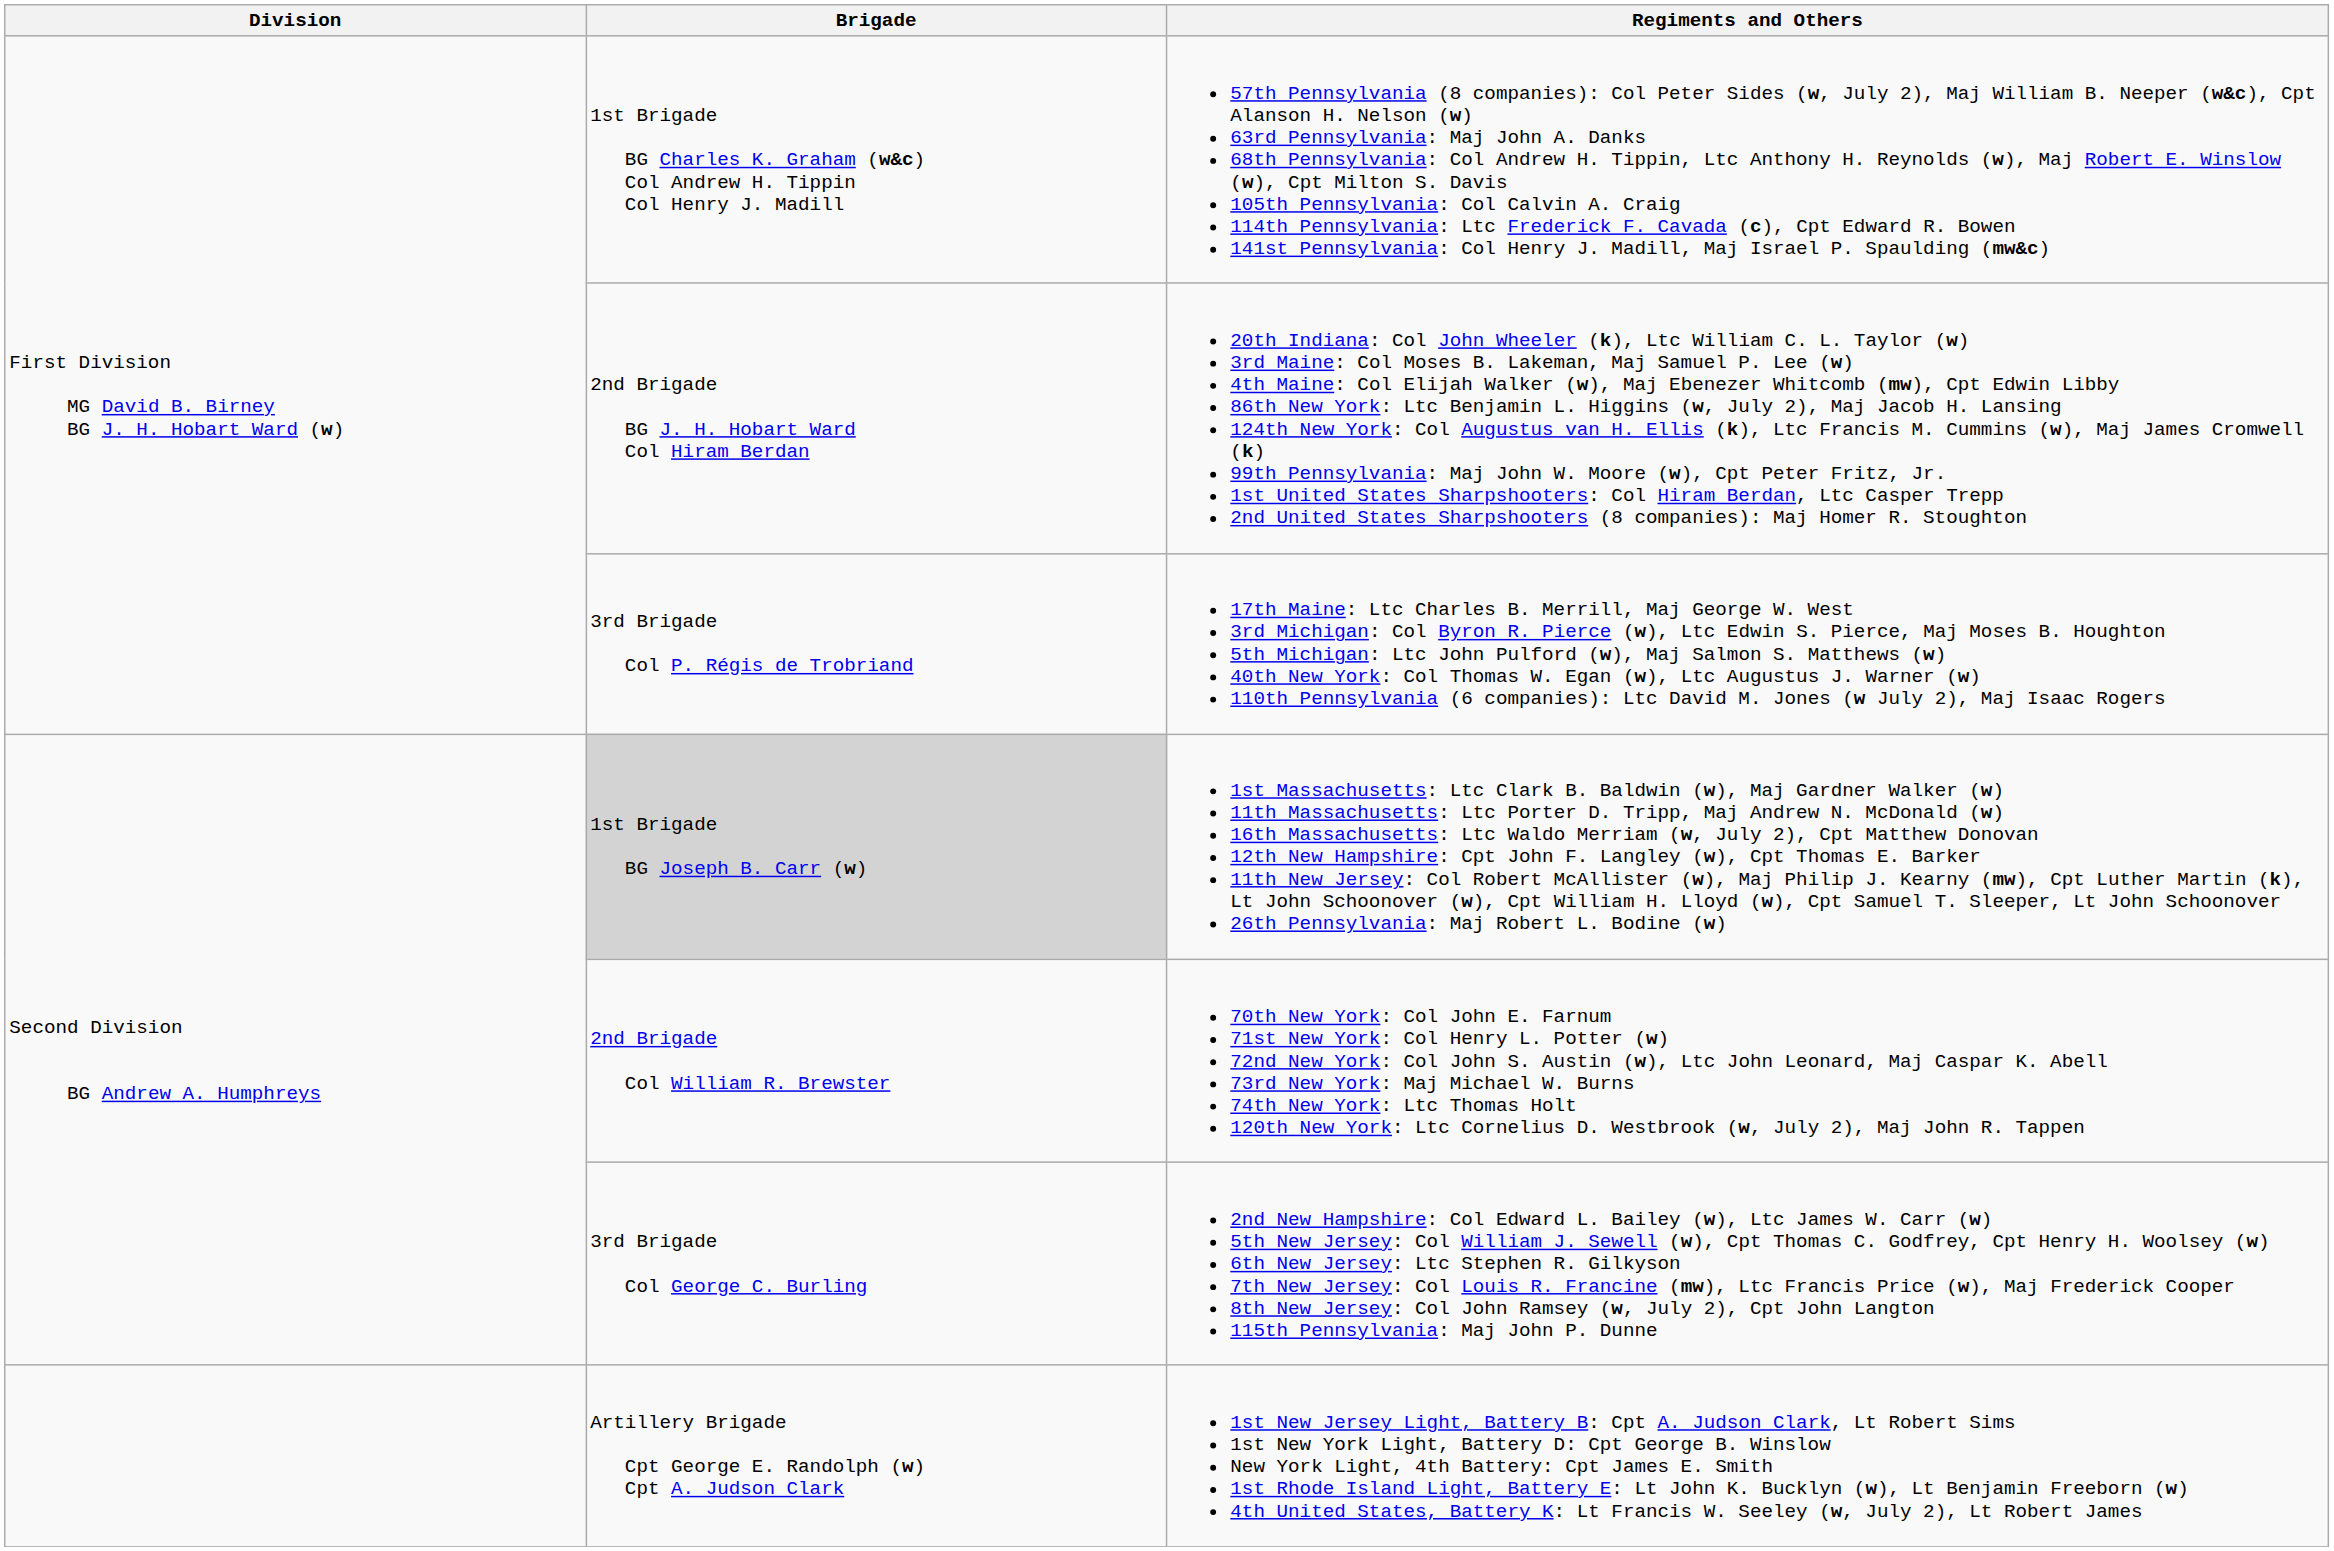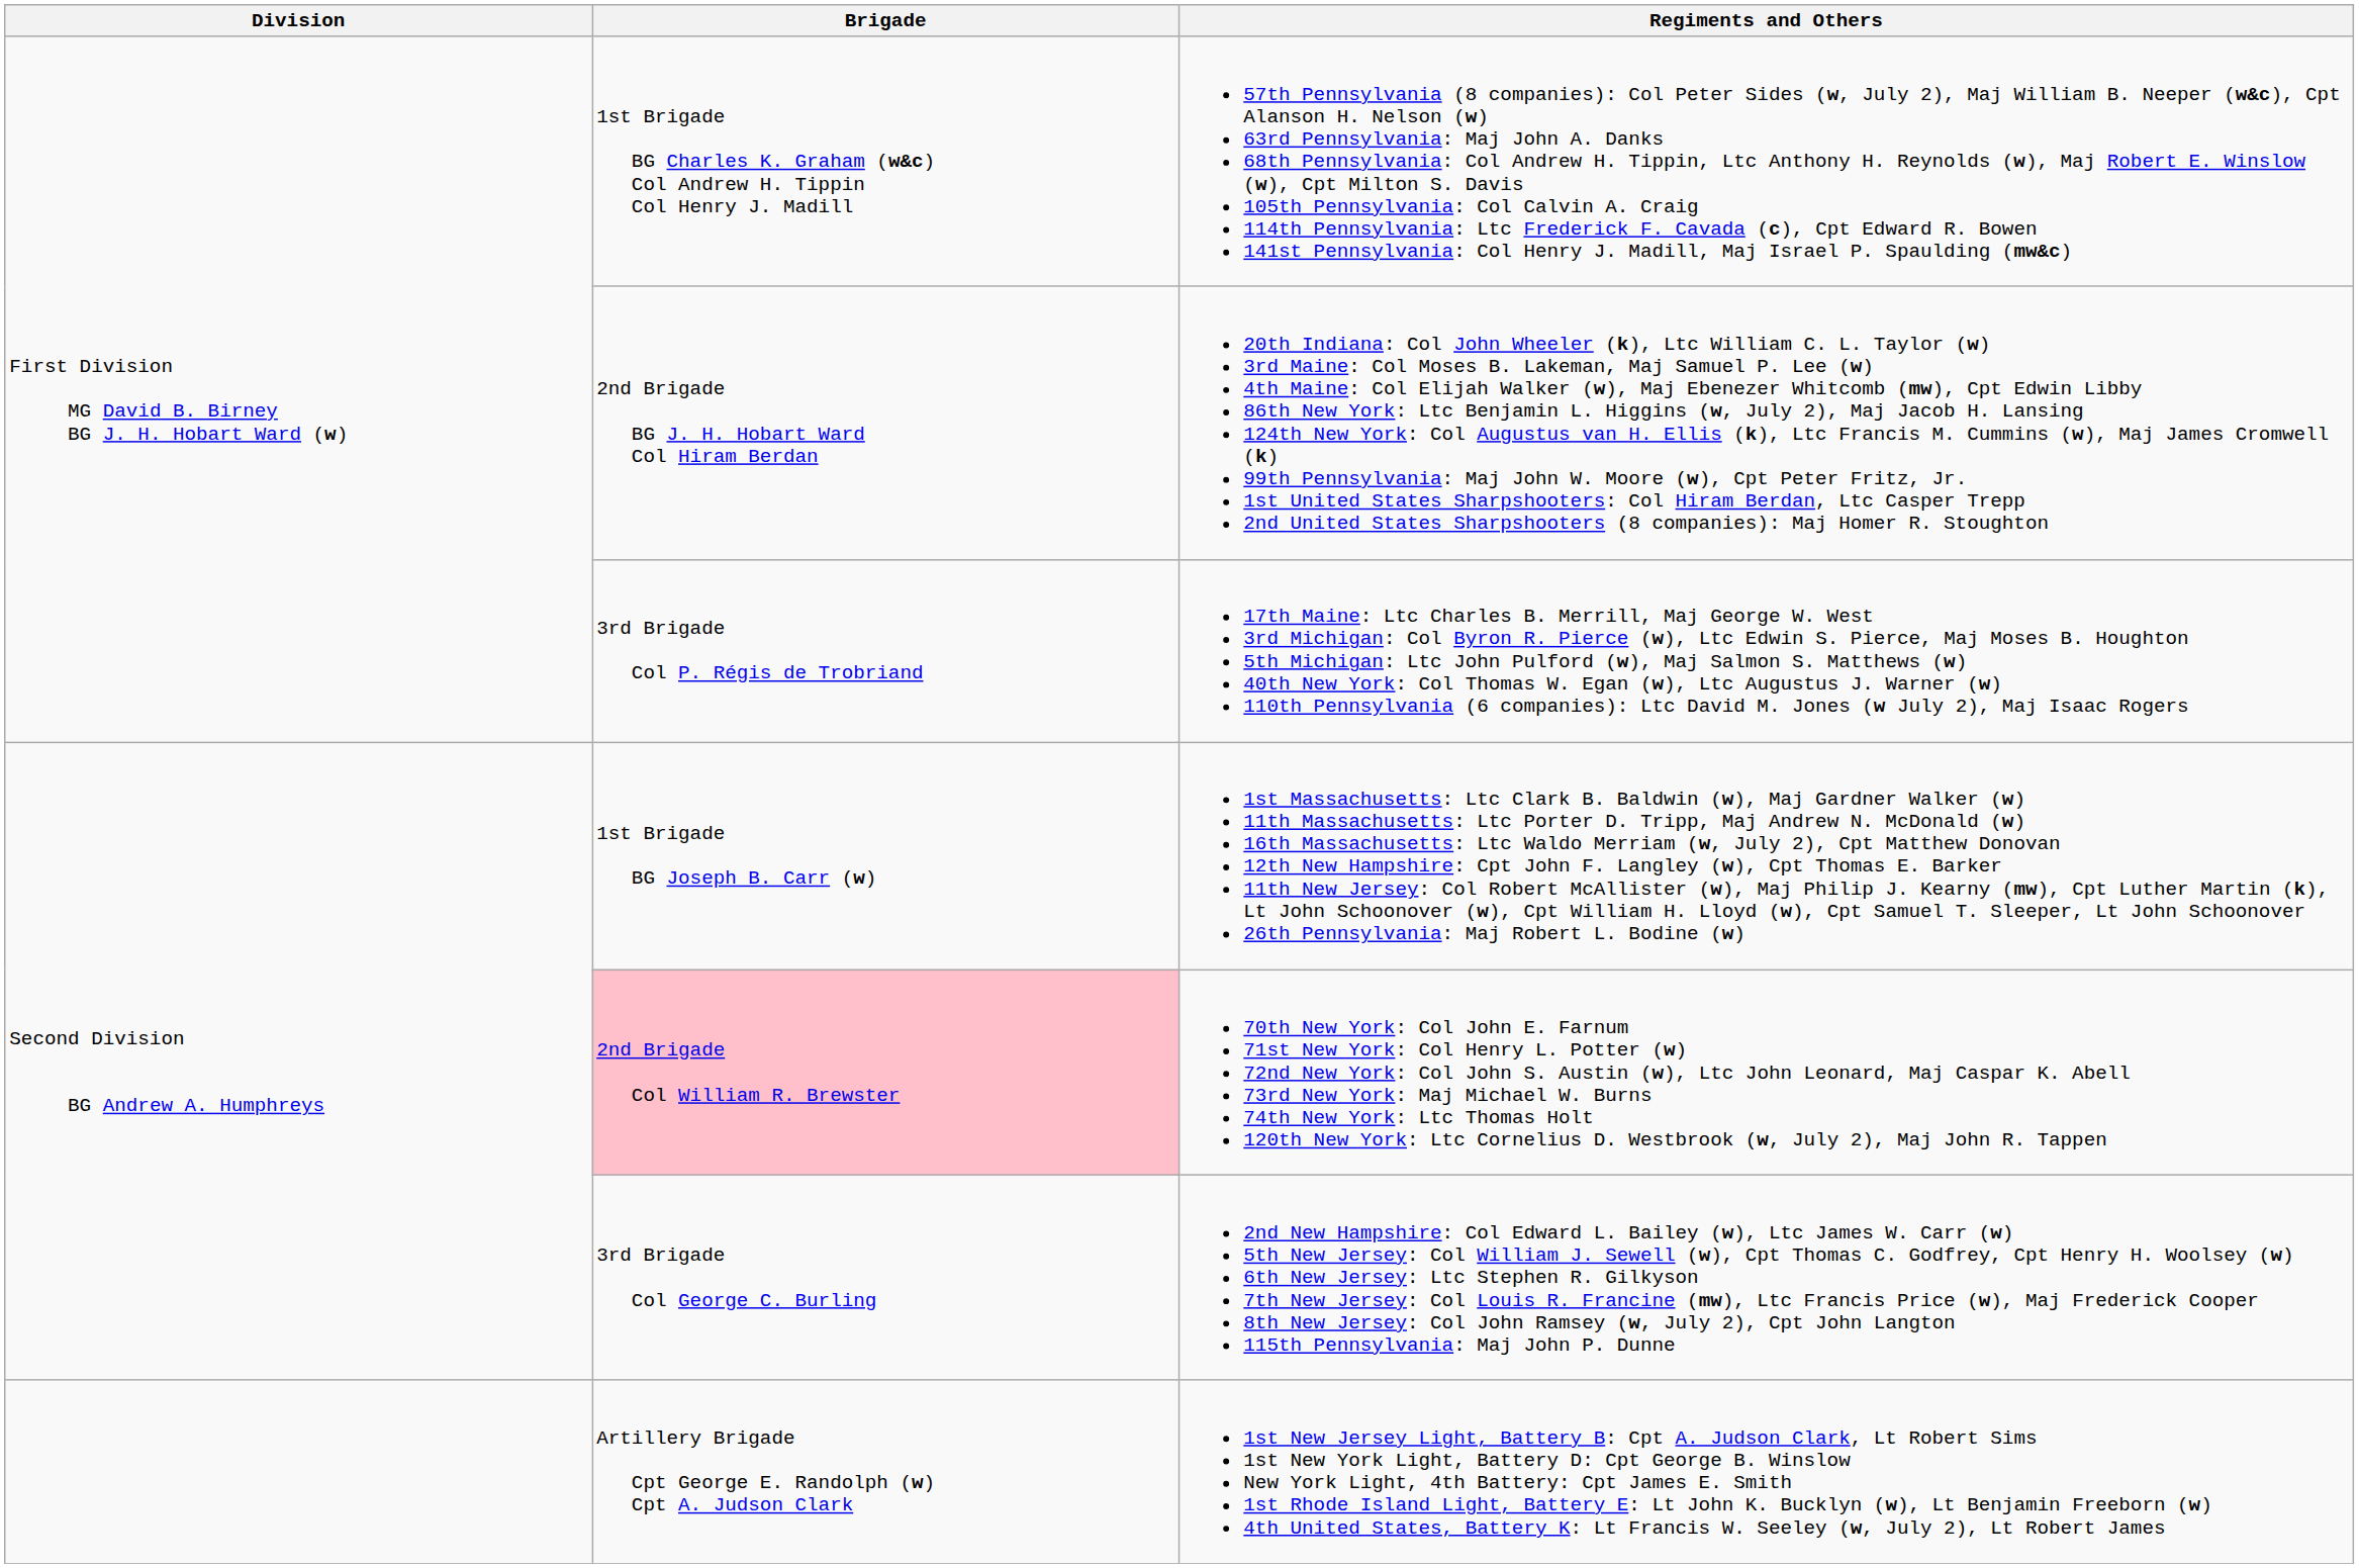 <table class="wikitable">
 <tr>
 <th style="width:25%;">Division</th>
 <th style="width:25%;">Brigade</th>
 <th>Regiments and Others</th>
 </tr>
 <tr>
 <td rowspan=3><br>First Division <br> <br>     MG <a href='#'>David B. Birney</a> <br>     BG <a href='#'>J. H. Hobart Ward</a> (<strong>w</strong>)</td>
 <td>1st Brigade<br><br>   BG <a href='#'>Charles K. Graham</a> (<strong>w&c</strong>) <br>   Col Andrew H. Tippin  <br>   Col Henry J. Madill</td>
 <td><br><ul><li><a href='#'>57th Pennsylvania</a> (8 companies): Col Peter Sides (<strong>w</strong>, July 2), Maj William B. Neeper (<strong>w&c</strong>), Cpt Alanson H. Nelson (<strong>w</strong>)</li><li><a href='#'>63rd Pennsylvania</a>: Maj John A. Danks</li><li><a href='#'>68th Pennsylvania</a>: Col Andrew H. Tippin, Ltc Anthony H. Reynolds (<strong>w</strong>), Maj <a href='#'>Robert E. Winslow</a> (<strong>w</strong>), Cpt Milton S. Davis</li><li><a href='#'>105th Pennsylvania</a>: Col Calvin A. Craig</li><li><a href='#'>114th Pennsylvania</a>: Ltc <a href='#'>Frederick F. Cavada</a> (<strong>c</strong>), Cpt Edward R. Bowen </li><li><a href='#'>141st Pennsylvania</a>: Col Henry J. Madill, Maj Israel P. Spaulding  (<strong>mw&c</strong>)</li></ul></td>
 </tr>
 <tr>
 <td>2nd Brigade<br><br>   BG <a href='#'>J. H. Hobart Ward</a> <br>   Col <a href='#'>Hiram Berdan</a></td>
 <td><br><ul><li><a href='#'>20th Indiana</a>: Col <a href='#'>John Wheeler</a> (<strong>k</strong>), Ltc William C. L. Taylor (<strong>w</strong>)</li><li><a href='#'>3rd Maine</a>: Col Moses B. Lakeman, Maj Samuel P. Lee (<strong>w</strong>)</li><li><a href='#'>4th Maine</a>: Col Elijah Walker (<strong>w</strong>), Maj Ebenezer Whitcomb (<strong>mw</strong>), Cpt Edwin Libby</li><li><a href='#'>86th New York</a>: Ltc Benjamin L. Higgins (<strong>w</strong>, July 2), Maj Jacob H. Lansing</li><li><a href='#'>124th New York</a>: Col <a href='#'>Augustus van H. Ellis</a> (<strong>k</strong>), Ltc Francis M. Cummins (<strong>w</strong>), Maj James Cromwell (<strong>k</strong>)</li><li><a href='#'>99th Pennsylvania</a>: Maj John W. Moore (<strong>w</strong>), Cpt Peter Fritz, Jr.</li><li><a href='#'>1st United States Sharpshooters</a>: Col <a href='#'>Hiram Berdan</a>, Ltc Casper Trepp</li><li><a href='#'>2nd United States Sharpshooters</a> (8 companies): Maj Homer R. Stoughton</li></ul></td>
 </tr>
 <tr>
 <td>3rd Brigade<br><br>   Col <a href='#'>P. Régis de Trobriand</a></td>
 <td><br><ul><li><a href='#'>17th Maine</a>: Ltc Charles B. Merrill, Maj George W. West</li><li><a href='#'>3rd Michigan</a>: Col <a href='#'>Byron R. Pierce</a> (<strong>w</strong>), Ltc Edwin S. Pierce, Maj Moses B. Houghton</li><li><a href='#'>5th Michigan</a>: Ltc John Pulford (<strong>w</strong>), Maj Salmon S. Matthews (<strong>w</strong>)</li><li><a href='#'>40th New York</a>: Col Thomas W. Egan (<strong>w</strong>), Ltc Augustus J. Warner (<strong>w</strong>)</li><li><a href='#'>110th Pennsylvania</a> (6 companies): Ltc David M. Jones (<strong>w</strong> July 2), Maj Isaac Rogers</li></ul></td>
 </tr>
 <tr>
 <td rowspan=3><br>Second Division <br><br><br>     BG <a href='#'>Andrew A. Humphreys</a></td>
-<td style="background: lightgrey;">1st Brigade <br><br>   BG <a href='#'>Joseph B. Carr</a> (<strong>w</strong>)</td>
+<td>1st Brigade <br><br>   BG <a href='#'>Joseph B. Carr</a> (<strong>w</strong>)</td>
 <td><br><ul><li><a href='#'>1st Massachusetts</a>: Ltc Clark B. Baldwin (<strong>w</strong>), Maj Gardner Walker (<strong>w</strong>)</li><li><a href='#'>11th Massachusetts</a>: Ltc Porter D. Tripp, Maj Andrew N. McDonald (<strong>w</strong>)</li><li><a href='#'>16th Massachusetts</a>: Ltc Waldo Merriam (<strong>w</strong>, July 2), Cpt Matthew Donovan</li><li><a href='#'>12th New Hampshire</a>: Cpt John F. Langley (<strong>w</strong>), Cpt Thomas E. Barker</li><li><a href='#'>11th New Jersey</a>: Col Robert McAllister (<strong>w</strong>), Maj Philip J. Kearny (<strong>mw</strong>), Cpt Luther Martin (<strong>k</strong>), Lt John Schoonover (<strong>w</strong>), Cpt William H. Lloyd (<strong>w</strong>), Cpt Samuel T. Sleeper, Lt John Schoonover</li><li><a href='#'>26th Pennsylvania</a>: Maj Robert L. Bodine (<strong>w</strong>)</li></ul></td>
 </tr>
 <tr>
-<td><a href='#'>2nd Brigade</a><br><br>   Col <a href='#'>William R. Brewster</a></td>
+<td style="background: pink;"><a href='#'>2nd Brigade</a><br><br>   Col <a href='#'>William R. Brewster</a></td>
 <td><br><ul><li><a href='#'>70th New York</a>: Col John E. Farnum</li><li><a href='#'>71st New York</a>: Col Henry L. Potter (<strong>w</strong>)</li><li><a href='#'>72nd New York</a>: Col John S. Austin (<strong>w</strong>), Ltc John Leonard, Maj Caspar K. Abell</li><li><a href='#'>73rd New York</a>: Maj Michael W. Burns</li><li><a href='#'>74th New York</a>: Ltc Thomas Holt</li><li><a href='#'>120th New York</a>: Ltc Cornelius D. Westbrook (<strong>w</strong>, July 2), Maj John R. Tappen</li></ul></td>
 </tr>
 <tr>
 <td>3rd Brigade<br><br>   Col <a href='#'>George C. Burling</a></td>
 <td><br><ul><li><a href='#'>2nd New Hampshire</a>: Col Edward L. Bailey (<strong>w</strong>), Ltc James W. Carr (<strong>w</strong>)</li><li><a href='#'>5th New Jersey</a>: Col <a href='#'>William J. Sewell</a> (<strong>w</strong>), Cpt Thomas C. Godfrey, Cpt Henry H. Woolsey (<strong>w</strong>)</li><li><a href='#'>6th New Jersey</a>: Ltc Stephen R. Gilkyson</li><li><a href='#'>7th New Jersey</a>: Col <a href='#'>Louis R. Francine</a> (<strong>mw</strong>), Ltc Francis Price (<strong>w</strong>), Maj Frederick Cooper</li><li><a href='#'>8th New Jersey</a>: Col John Ramsey (<strong>w</strong>, July 2), Cpt John Langton</li><li><a href='#'>115th Pennsylvania</a>: Maj John P. Dunne</li></ul></td>
 </tr>
 <tr>
 <td></td>
 <td>Artillery Brigade<br><br>   Cpt George E. Randolph (<strong>w</strong>) <br>   Cpt <a href='#'>A. Judson Clark</a></td>
 <td><br><ul><li><a href='#'>1st New Jersey Light, Battery B</a>: Cpt <a href='#'>A. Judson Clark</a>, Lt Robert Sims</li><li>1st New York Light, Battery D: Cpt George B. Winslow</li><li>New York Light, 4th Battery: Cpt James E. Smith</li><li><a href='#'>1st Rhode Island Light, Battery E</a>: Lt John K. Bucklyn (<strong>w</strong>), Lt Benjamin Freeborn (<strong>w</strong>)</li><li><a href='#'>4th United States, Battery K</a>: Lt Francis W. Seeley (<strong>w</strong>, July 2), Lt Robert James</li></ul></td>
 </tr>
 </table>
